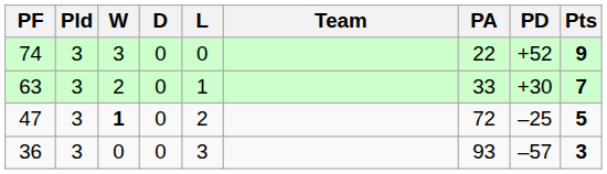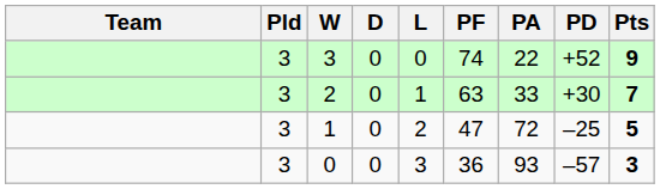 <table class="wikitable" style="text-align:center;">
 <tr>
-<th width=32 abbr="Points for">PF</th>
+<th width=175>Team</th>
 <th width=25 abbr="Played">Pld</th>
 <th width=25 abbr="Won">W</th>
 <th width=25 abbr="Drawn">D</th>
 <th width=25 abbr="Lost">L</th>
-<th width=175>Team</th>
+<th width=32 abbr="Points for">PF</th>
 <th width=32 abbr="Points against">PA</th>
 <th width=32 abbr="Points difference">PD</th>
 <th width=25 abbr="Points">Pts</th>
 </tr>
 <tr bgcolor=ccffcc>
-<td>74</td>
+<td align=left></td>
 <td>3</td>
 <td>3</td>
 <td>0</td>
 <td>0</td>
-<td align=left></td>
+<td>74</td>
 <td>22</td>
 <td>+52</td>
 <td><strong>9</strong></td>
 </tr>
 <tr bgcolor=ccffcc>
-<td>63</td>
+<td align=left></td>
 <td>3</td>
 <td>2</td>
 <td>0</td>
 <td>1</td>
-<td align=left></td>
+<td>63</td>
 <td>33</td>
 <td>+30</td>
 <td><strong>7</strong></td>
 </tr>
 <tr>
-<td>47</td>
+<td align=left></td>
 <td>3</td>
-<td><strong>1</strong></td>
+<td>1</td>
 <td>0</td>
 <td>2</td>
-<td align=left></td>
+<td>47</td>
 <td>72</td>
 <td>–25</td>
 <td><strong>5</strong></td>
 </tr>
 <tr>
-<td>36</td>
+<td align=left></td>
 <td>3</td>
 <td>0</td>
 <td>0</td>
 <td>3</td>
-<td align=left></td>
+<td>36</td>
 <td>93</td>
 <td>–57</td>
 <td><strong>3</strong></td>
 </tr>
 </table>
